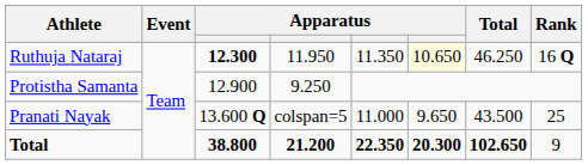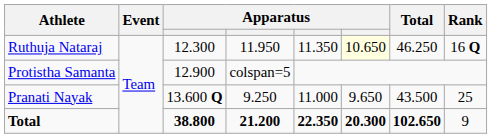 <table class="wikitable" style="font-size:90%;text-align:center;">
 <tr>
 <th rowspan=2>Athlete</th>
 <th rowspan=2>Event</th>
 <th colspan=4>Apparatus</th>
 <th rowspan=2>Total</th>
 <th rowspan=2>Rank</th>
 </tr>
 <tr style=font-size:95%>
 <th></th>
 <th></th>
 <th></th>
 <th></th>
 </tr>
 <tr>
 <td align=left><a href='#'>Ruthuja Nataraj</a></td>
 <td align=left rowspan=4><a href='#'>Team</a></td>
-<td><strong>12.300</strong></td>
+<td>12.300</td>
 <td>11.950</td>
 <td>11.350</td>
 <td style="background: lightyellow;">10.650</td>
 <td>46.250</td>
 <td>16 <strong>Q</strong></td>
 </tr>
 <tr>
 <td align=left><a href='#'>Protistha Samanta</a></td>
 <td>12.900</td>
-<td>9.250</td>
+<td>colspan=5 </td>
 </tr>
 <tr>
 <td align=left><a href='#'>Pranati Nayak</a></td>
 <td>13.600 <strong>Q</strong></td>
-<td>colspan=5 </td>
+<td>9.250</td>
 <td>11.000</td>
 <td>9.650</td>
 <td>43.500</td>
 <td>25</td>
 </tr>
 <tr>
 <td align=left><strong>Total</strong></td>
 <td><strong>38.800</strong></td>
 <td><strong>21.200</strong></td>
 <td><strong>22.350</strong></td>
 <td><strong>20.300</strong></td>
 <td><strong>102.650</strong></td>
 <td>9</td>
 </tr>
 </table>
